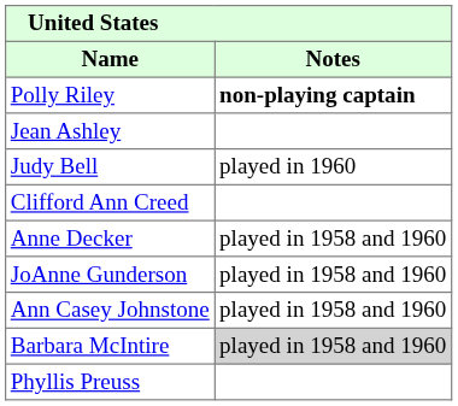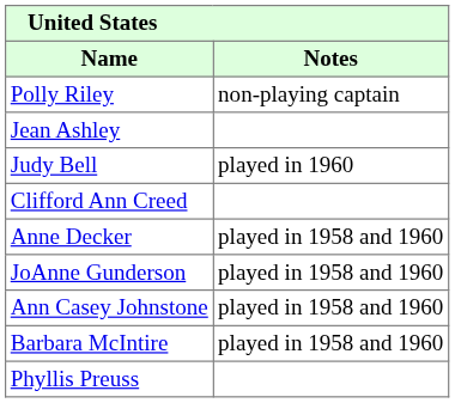 <table border="1" cellpadding="3" style="border-collapse: collapse;">
 <tr style="background:#ddffdd;">
 <td colspan="6">   <strong>United States</strong></td>
 </tr>
 <tr style="background:#ddffdd;">
 <th>Name</th>
 <th>Notes</th>
 </tr>
 <tr>
 <td><a href='#'>Polly Riley</a></td>
-<td><strong>non-playing captain</strong></td>
+<td>non-playing captain</td>
 </tr>
 <tr>
 <td><a href='#'>Jean Ashley</a></td>
 <td></td>
 </tr>
 <tr>
 <td><a href='#'>Judy Bell</a></td>
 <td>played in 1960</td>
 </tr>
 <tr>
 <td><a href='#'>Clifford Ann Creed</a></td>
 <td></td>
 </tr>
 <tr>
 <td><a href='#'>Anne Decker</a></td>
 <td>played in 1958 and 1960</td>
 </tr>
 <tr>
 <td><a href='#'>JoAnne Gunderson</a></td>
 <td>played in 1958 and 1960</td>
 </tr>
 <tr>
 <td><a href='#'>Ann Casey Johnstone</a></td>
 <td>played in 1958 and 1960</td>
 </tr>
 <tr>
 <td><a href='#'>Barbara McIntire</a></td>
-<td style="background: lightgrey;">played in 1958 and 1960</td>
+<td>played in 1958 and 1960</td>
 </tr>
 <tr>
 <td><a href='#'>Phyllis Preuss</a></td>
 <td></td>
 </tr>
 </table>
